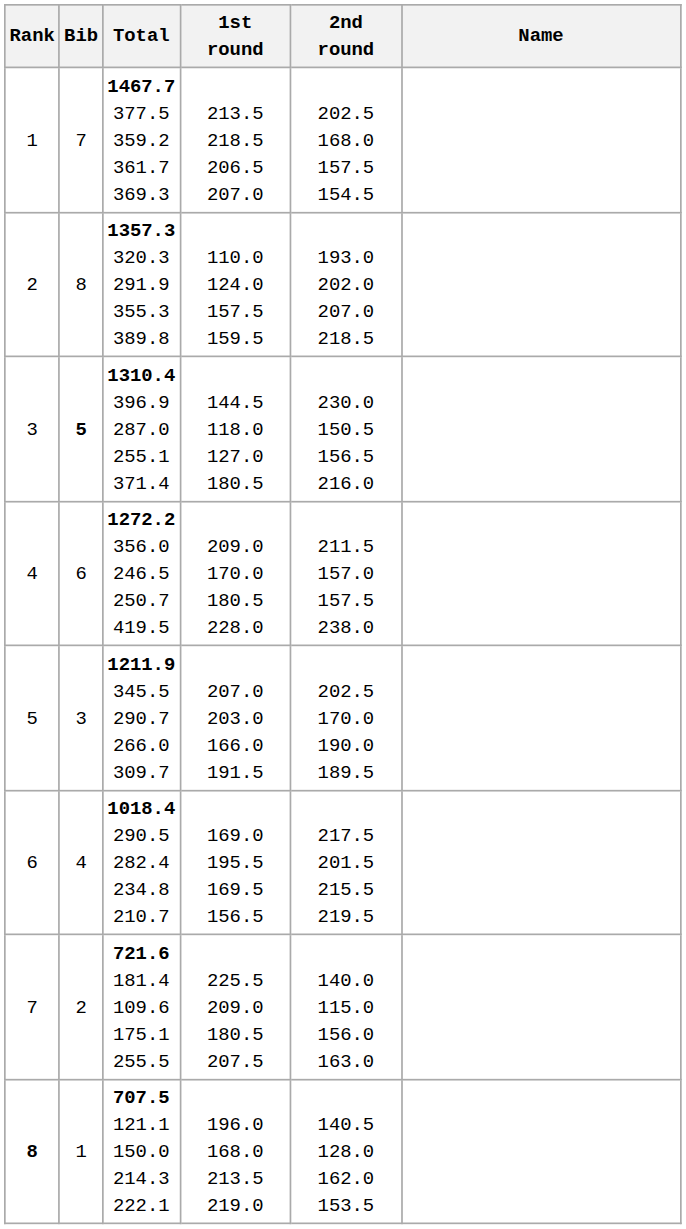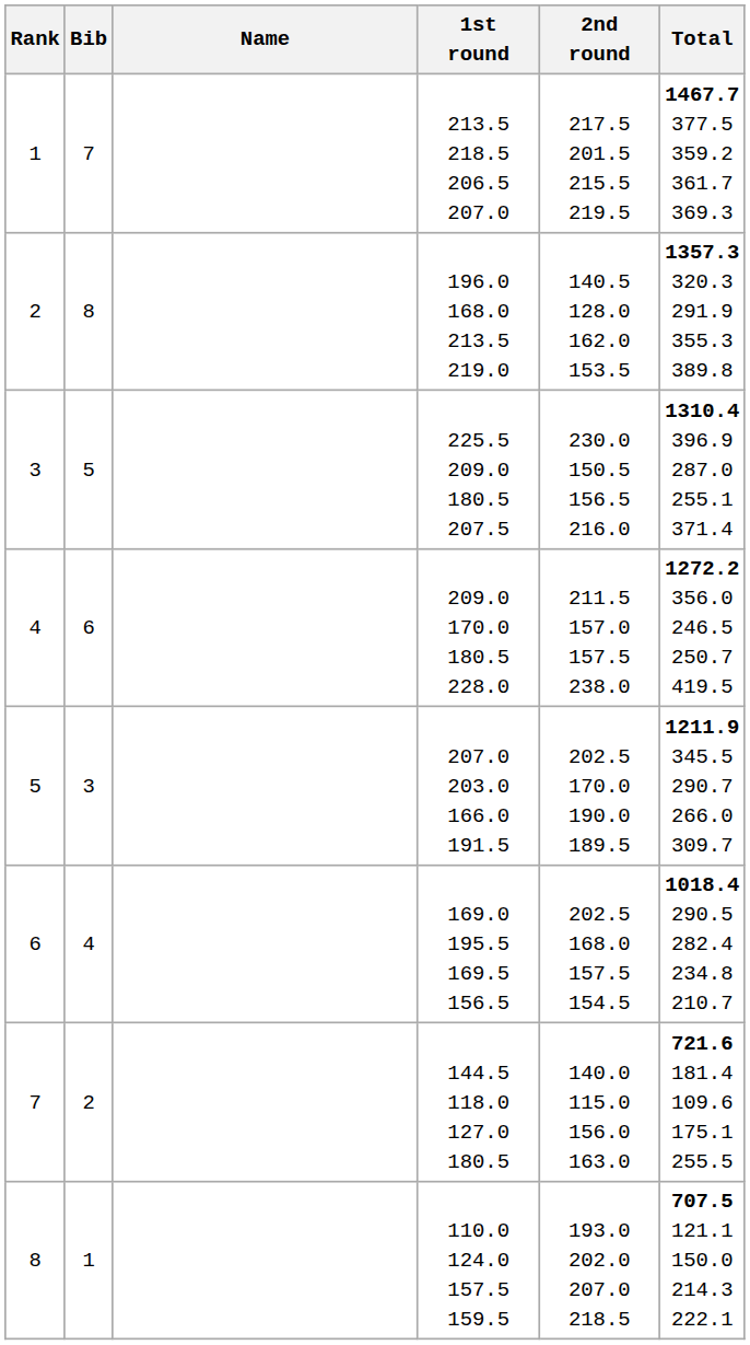 <table class="wikitable plainrowheaders" style="background:#fff; font-size:86%; line-height:16px; border:grey solid 1px; border-collapse:collapse;">
 <tr>
 <th>Rank</th>
 <th>Bib</th>
-<th>Total</th>
+<th width=160>Name</th>
 <th width=60>1st round</th>
 <th width=60>2nd round</th>
-<th width=160>Name</th>
+<th>Total</th>
 </tr>
 <tr align=center>
 <td>1</td>
 <td>7</td>
+<td align=left></td>
+<td><br>213.5<br>218.5<br>206.5<br>207.0</td>
+<td><br>217.5<br>201.5<br>215.5<br>219.5</td>
 <td><strong>1467.7</strong><br>377.5<br>359.2<br>361.7<br>369.3</td>
-<td><br>213.5<br>218.5<br>206.5<br>207.0</td>
-<td><br>202.5<br>168.0<br>157.5<br>154.5</td>
-<td align=left></td>
 </tr>
 <tr align=center>
 <td>2</td>
 <td>8</td>
+<td align=left></td>
+<td><br>196.0<br>168.0<br>213.5<br>219.0</td>
+<td><br>140.5<br>128.0<br>162.0<br>153.5</td>
 <td><strong>1357.3</strong><br>320.3<br>291.9<br>355.3<br>389.8</td>
-<td><br>110.0<br>124.0<br>157.5<br>159.5</td>
-<td><br>193.0<br>202.0<br>207.0<br>218.5</td>
-<td align=left></td>
 </tr>
 <tr align=center>
 <td>3</td>
-<td><strong>5</strong></td>
+<td>5</td>
+<td align=left></td>
+<td><br>225.5<br>209.0<br>180.5<br>207.5</td>
+<td><br>230.0<br>150.5<br>156.5<br>216.0</td>
 <td><strong>1310.4</strong><br>396.9<br>287.0<br>255.1<br>371.4</td>
-<td><br>144.5<br>118.0<br>127.0<br>180.5</td>
-<td><br>230.0<br>150.5<br>156.5<br>216.0</td>
-<td align=left></td>
 </tr>
 <tr align=center>
 <td>4</td>
 <td>6</td>
-<td><strong>1272.2</strong><br>356.0<br>246.5<br>250.7<br>419.5</td>
+<td align=left></td>
 <td><br>209.0<br>170.0<br>180.5<br>228.0</td>
 <td><br>211.5<br>157.0<br>157.5<br>238.0</td>
-<td align=left></td>
+<td><strong>1272.2</strong><br>356.0<br>246.5<br>250.7<br>419.5</td>
 </tr>
 <tr align=center>
 <td>5</td>
 <td>3</td>
-<td><strong>1211.9</strong><br>345.5<br>290.7<br>266.0<br>309.7</td>
+<td align=left></td>
 <td><br>207.0<br>203.0<br>166.0<br>191.5</td>
 <td><br>202.5<br>170.0<br>190.0<br>189.5</td>
-<td align=left></td>
+<td><strong>1211.9</strong><br>345.5<br>290.7<br>266.0<br>309.7</td>
 </tr>
 <tr align=center>
 <td>6</td>
 <td>4</td>
+<td align=left></td>
+<td><br>169.0<br>195.5<br>169.5<br>156.5</td>
+<td><br>202.5<br>168.0<br>157.5<br>154.5</td>
 <td><strong>1018.4</strong><br>290.5<br>282.4<br>234.8<br>210.7</td>
-<td><br>169.0<br>195.5<br>169.5<br>156.5</td>
-<td><br>217.5<br>201.5<br>215.5<br>219.5</td>
-<td align=left></td>
 </tr>
 <tr align=center>
 <td>7</td>
 <td>2</td>
+<td align=left></td>
+<td><br>144.5<br>118.0<br>127.0<br>180.5</td>
+<td><br>140.0<br>115.0<br>156.0<br>163.0</td>
 <td><strong>721.6</strong><br>181.4<br>109.6<br>175.1<br>255.5</td>
-<td><br>225.5<br>209.0<br>180.5<br>207.5</td>
-<td><br>140.0<br>115.0<br>156.0<br>163.0</td>
-<td align=left></td>
 </tr>
 <tr align=center>
-<td><strong>8</strong></td>
+<td>8</td>
 <td>1</td>
+<td align=left></td>
+<td><br>110.0<br>124.0<br>157.5<br>159.5</td>
+<td><br>193.0<br>202.0<br>207.0<br>218.5</td>
 <td><strong>707.5</strong><br>121.1<br>150.0<br>214.3<br>222.1</td>
-<td><br>196.0<br>168.0<br>213.5<br>219.0</td>
-<td><br>140.5<br>128.0<br>162.0<br>153.5</td>
-<td align=left></td>
 </tr>
 </table>
